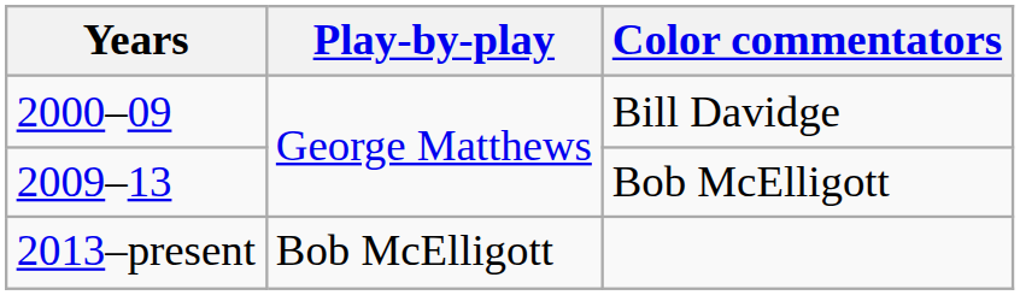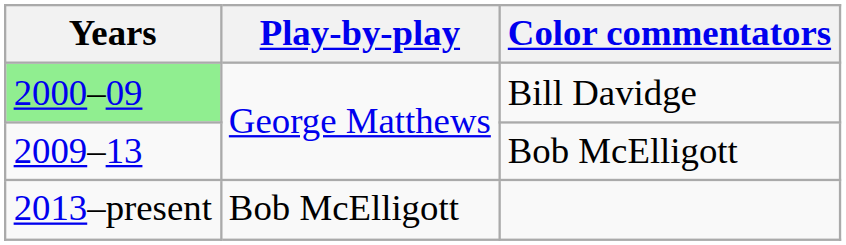 <table class="wikitable">
 <tr>
 <th>Years</th>
 <th><a href='#'>Play-by-play</a></th>
 <th><a href='#'>Color commentators</a></th>
 </tr>
 <tr>
-<td><a href='#'>2000</a>–<a href='#'>09</a></td>
+<td style="background: lightgreen;"><a href='#'>2000</a>–<a href='#'>09</a></td>
 <td rowspan=2><a href='#'>George Matthews</a></td>
 <td>Bill Davidge</td>
 </tr>
 <tr>
 <td><a href='#'>2009</a>–<a href='#'>13</a></td>
 <td>Bob McElligott</td>
 </tr>
 <tr>
 <td><a href='#'>2013</a>–present</td>
 <td>Bob McElligott</td>
 <td></td>
 </tr>
 </table>
